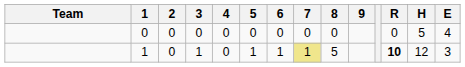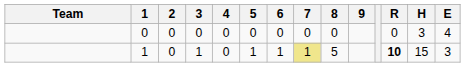 <table border=1 cellspacing=0 width=600 style="margin-left:3em;" class="wikitable">
 <tr style="text-align:center; background-color:#e6e6e6;">
 <th align=left width=28%>Team</th>
 <th width=6%>1</th>
 <th width=6%>2</th>
 <th width=6%>3</th>
 <th width=6%>4</th>
 <th width=6%>5</th>
 <th width=6%>6</th>
 <th width=6%>7</th>
 <th width=6%>8</th>
 <th width=6%>9</th>
 <th rowspan="3" width=0.5%></th>
 <th width=6%>R</th>
 <th width=6%>H</th>
 <th width=6%>E</th>
 </tr>
 <tr style="text-align:center;">
 <td align=left></td>
 <td>0</td>
 <td>0</td>
 <td>0</td>
 <td>0</td>
 <td>0</td>
 <td>0</td>
 <td>0</td>
 <td>0</td>
 <td></td>
 <td>0</td>
-<td>5</td>
+<td>3</td>
 <td>4</td>
 </tr>
 <tr style="text-align:center;">
 <td align=left></td>
 <td>1</td>
 <td>0</td>
 <td>1</td>
 <td>0</td>
 <td>1</td>
 <td>1</td>
 <td style="background: khaki;">1</td>
 <td>5</td>
 <td></td>
 <td><strong>10</strong></td>
-<td>12</td>
+<td>15</td>
 <td>3</td>
 </tr>
 </table>
